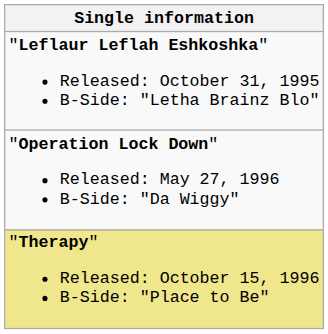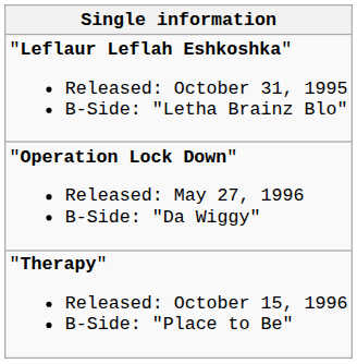 <table class="wikitable">
 <tr>
 <th>Single information</th>
 </tr>
 <tr>
 <td>"<strong>Leflaur Leflah Eshkoshka</strong>"<br><ul><li>Released: October 31, 1995</li><li>B-Side: "Letha Brainz Blo"</li></ul></td>
 </tr>
 <tr>
 <td>"<strong>Operation Lock Down</strong>"<br><ul><li>Released: May 27, 1996</li><li>B-Side: "Da Wiggy"</li></ul></td>
 </tr>
 <tr>
-<td style="background: khaki;">"<strong>Therapy</strong>"<br><ul><li>Released: October 15, 1996</li><li>B-Side: "Place to Be"</li></ul></td>
+<td>"<strong>Therapy</strong>"<br><ul><li>Released: October 15, 1996</li><li>B-Side: "Place to Be"</li></ul></td>
 </tr>
 </table>
